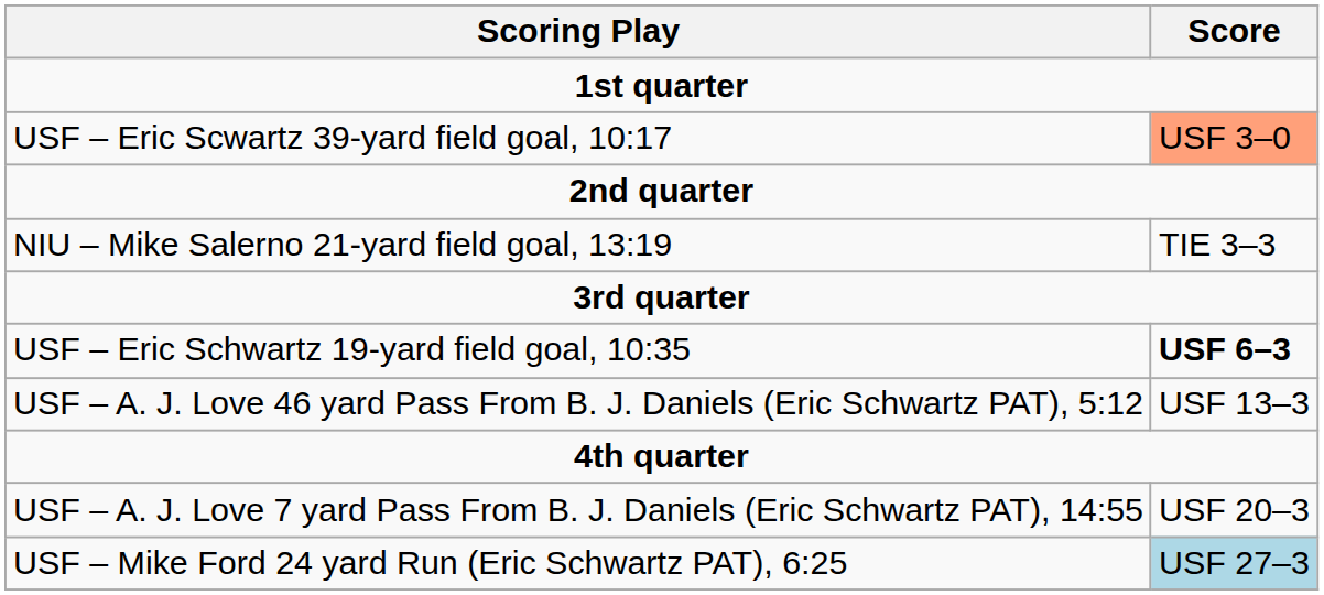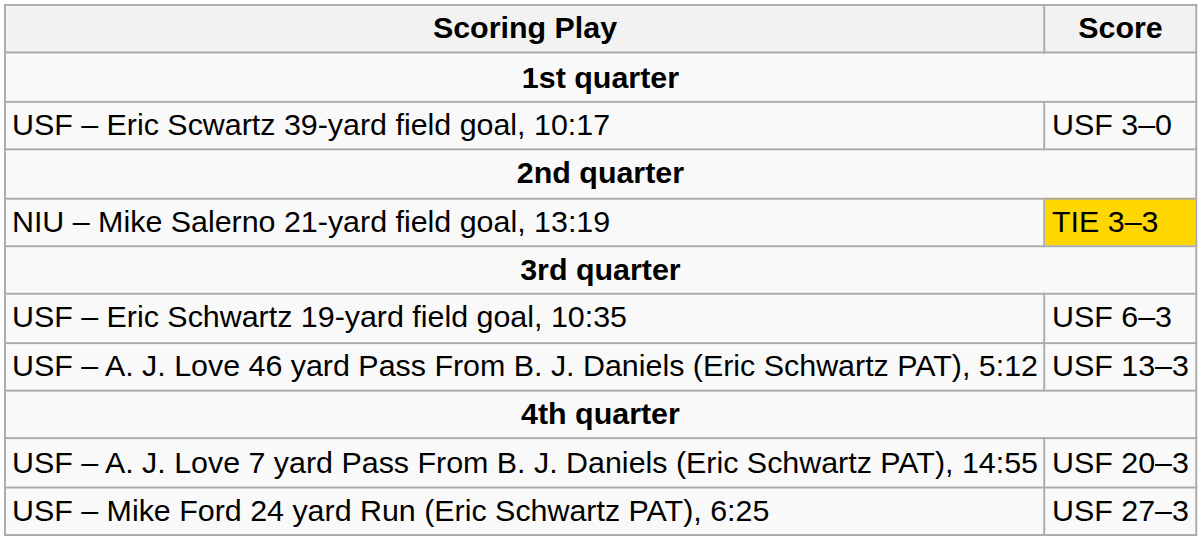 <table class="wikitable">
 <tr>
 <th>Scoring Play</th>
 <th>Score</th>
 </tr>
 <tr>
 <td colspan="4" align="center"><strong>1st quarter</strong></td>
 </tr>
 <tr>
 <td>USF – Eric Scwartz 39-yard field goal, 10:17</td>
-<td style="background: lightsalmon;">USF 3–0</td>
+<td>USF 3–0</td>
 </tr>
 <tr>
 <td colspan="4" align="center"><strong>2nd quarter</strong></td>
 </tr>
 <tr>
 <td>NIU – Mike Salerno 21-yard field goal, 13:19</td>
-<td>TIE 3–3</td>
+<td style="background: gold;">TIE 3–3</td>
 </tr>
 <tr>
 <td colspan="4" align="center"><strong>3rd quarter</strong></td>
 </tr>
 <tr>
 <td>USF – Eric Schwartz 19-yard field goal, 10:35</td>
-<td><strong>USF 6–3</strong></td>
+<td>USF 6–3</td>
 </tr>
 <tr>
 <td>USF – A. J. Love 46 yard Pass From B. J. Daniels (Eric Schwartz PAT), 5:12</td>
 <td>USF 13–3</td>
 </tr>
 <tr>
 <td colspan="4" align="center"><strong>4th quarter</strong></td>
 </tr>
 <tr>
 <td>USF – A. J. Love 7 yard Pass From B. J. Daniels (Eric Schwartz PAT), 14:55</td>
 <td>USF 20–3</td>
 </tr>
 <tr>
 <td>USF – Mike Ford 24 yard Run (Eric Schwartz PAT), 6:25</td>
-<td style="background: lightblue;">USF 27–3</td>
+<td>USF 27–3</td>
 </tr>
 </table>
